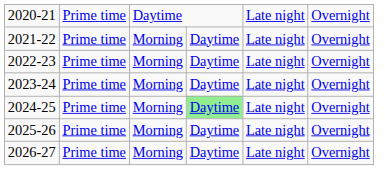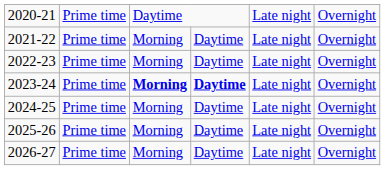 <table class="wikitable" border="1">
 <tr>
 <td>2020-21</td>
 <td><a href='#'>Prime time</a></td>
 <td colspan="2"><a href='#'>Daytime</a></td>
 <td><a href='#'>Late night</a></td>
 <td><a href='#'>Overnight</a></td>
 </tr>
 <tr>
 <td>2021-22</td>
 <td><a href='#'>Prime time</a></td>
 <td><a href='#'>Morning</a></td>
 <td><a href='#'>Daytime</a></td>
 <td><a href='#'>Late night</a></td>
 <td><a href='#'>Overnight</a></td>
 </tr>
 <tr>
 <td>2022-23</td>
 <td><a href='#'>Prime time</a></td>
 <td><a href='#'>Morning</a></td>
 <td><a href='#'>Daytime</a></td>
 <td><a href='#'>Late night</a></td>
 <td><a href='#'>Overnight</a></td>
 </tr>
 <tr>
 <td>2023-24</td>
 <td><a href='#'>Prime time</a></td>
-<td><a href='#'>Morning</a></td>
-<td><a href='#'>Daytime</a></td>
+<td><strong><a href='#'>Morning</a></strong></td>
+<td><strong><a href='#'>Daytime</a></strong></td>
 <td><a href='#'>Late night</a></td>
 <td><a href='#'>Overnight</a></td>
 </tr>
 <tr>
 <td>2024-25</td>
 <td><a href='#'>Prime time</a></td>
 <td><a href='#'>Morning</a></td>
-<td style="background: lightgreen;"><a href='#'>Daytime</a></td>
+<td><a href='#'>Daytime</a></td>
 <td><a href='#'>Late night</a></td>
 <td><a href='#'>Overnight</a></td>
 </tr>
 <tr>
 <td>2025-26</td>
 <td><a href='#'>Prime time</a></td>
 <td><a href='#'>Morning</a></td>
 <td><a href='#'>Daytime</a></td>
 <td><a href='#'>Late night</a></td>
 <td><a href='#'>Overnight</a></td>
 </tr>
 <tr>
 <td>2026-27</td>
 <td><a href='#'>Prime time</a></td>
 <td><a href='#'>Morning</a></td>
 <td><a href='#'>Daytime</a></td>
 <td><a href='#'>Late night</a></td>
 <td><a href='#'>Overnight</a></td>
 </tr>
 </table>
